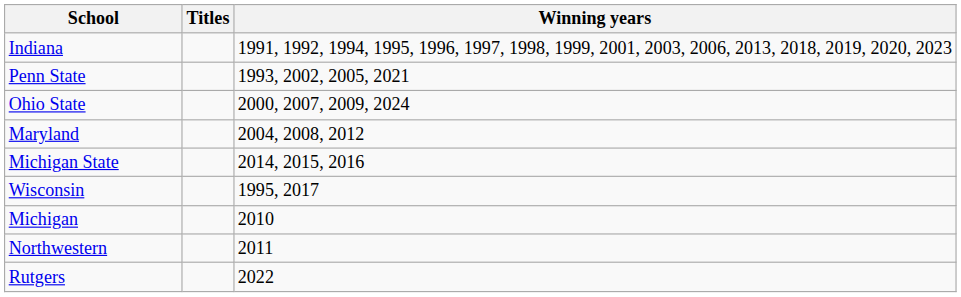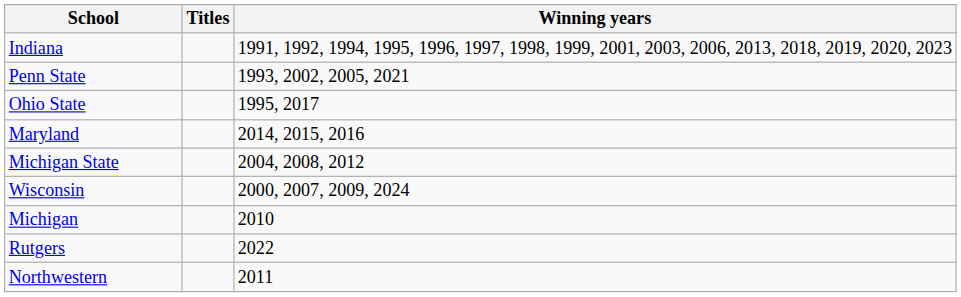 <table class="wikitable">
 <tr>
 <th width=150px>School</th>
 <th width=px>Titles</th>
 <th width=px>Winning years</th>
 </tr>
 <tr>
 <td><a href='#'>Indiana</a></td>
 <td></td>
 <td>1991, 1992, 1994, 1995, 1996, 1997, 1998, 1999, 2001, 2003, 2006, 2013, 2018, 2019, 2020, 2023</td>
 </tr>
 <tr>
 <td><a href='#'>Penn State</a></td>
 <td></td>
 <td>1993, 2002, 2005, 2021</td>
 </tr>
 <tr>
 <td><a href='#'>Ohio State</a></td>
 <td></td>
-<td>2000, 2007, 2009, 2024</td>
+<td>1995, 2017</td>
 </tr>
 <tr>
 <td><a href='#'>Maryland</a></td>
 <td></td>
-<td>2004, 2008, 2012</td>
+<td>2014, 2015, 2016</td>
 </tr>
 <tr>
 <td><a href='#'>Michigan State</a></td>
 <td></td>
-<td>2014, 2015, 2016</td>
+<td>2004, 2008, 2012</td>
 </tr>
 <tr>
 <td><a href='#'>Wisconsin</a></td>
 <td></td>
-<td>1995, 2017</td>
+<td>2000, 2007, 2009, 2024</td>
 </tr>
 <tr>
 <td><a href='#'>Michigan</a></td>
 <td></td>
 <td>2010</td>
 </tr>
 <tr>
+<td><a href='#'>Rutgers</a></td>
+<td></td>
+<td>2022</td>
+</tr>
+<tr>
 <td><a href='#'>Northwestern</a></td>
 <td></td>
 <td>2011</td>
 </tr>
-<tr>
-<td><a href='#'>Rutgers</a></td>
-<td></td>
-<td>2022</td>
-</tr>
 </table>
